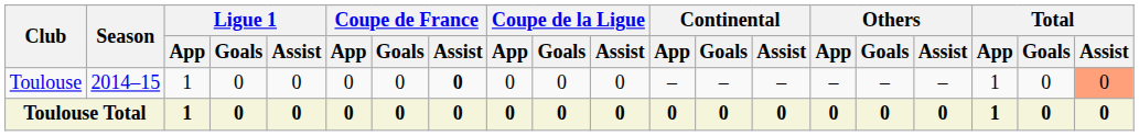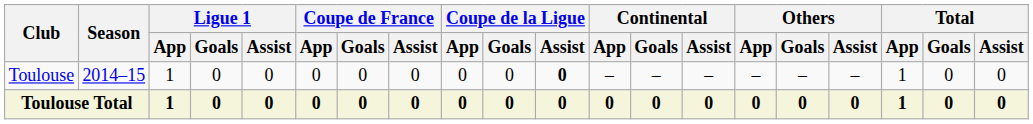 <table class="wikitable" style="text-align: center;">
 <tr>
 <th rowspan="2">Club</th>
 <th rowspan="2">Season</th>
 <th colspan="3"><a href='#'>Ligue 1</a></th>
 <th colspan="3"><a href='#'>Coupe de France</a></th>
 <th colspan="3"><a href='#'>Coupe de la Ligue</a></th>
 <th colspan="3">Continental</th>
 <th colspan="3">Others</th>
 <th colspan="3">Total</th>
 </tr>
 <tr>
 <th>App</th>
 <th>Goals</th>
 <th>Assist</th>
 <th>App</th>
 <th>Goals</th>
 <th>Assist</th>
 <th>App</th>
 <th>Goals</th>
 <th>Assist</th>
 <th>App</th>
 <th>Goals</th>
 <th>Assist</th>
 <th>App</th>
 <th>Goals</th>
 <th>Assist</th>
 <th>App</th>
 <th>Goals</th>
 <th>Assist</th>
 </tr>
 <tr>
 <td><a href='#'>Toulouse</a></td>
 <td><a href='#'>2014–15</a></td>
 <td>1</td>
 <td>0</td>
 <td>0</td>
 <td>0</td>
 <td>0</td>
-<td><strong>0</strong></td>
 <td>0</td>
 <td>0</td>
 <td>0</td>
+<td><strong>0</strong></td>
 <td>–</td>
 <td>–</td>
 <td>–</td>
 <td>–</td>
 <td>–</td>
 <td>–</td>
 <td>1</td>
 <td>0</td>
-<td style="background: lightsalmon;">0</td>
+<td>0</td>
 </tr>
 <tr>
 <th colspan=2 !  style="text-align:center; background:beige;">Toulouse Total</th>
 <th style="text-align:center; background:beige;">1</th>
 <th style="text-align:center; background:beige;">0</th>
 <th style="text-align:center; background:beige;">0</th>
 <th style="text-align:center; background:beige;">0</th>
 <th style="text-align:center; background:beige;">0</th>
 <th style="text-align:center; background:beige;">0</th>
 <th style="text-align:center; background:beige;">0</th>
 <th style="text-align:center; background:beige;">0</th>
 <th style="text-align:center; background:beige;">0</th>
 <th style="text-align:center; background:beige;">0</th>
 <th style="text-align:center; background:beige;">0</th>
 <th style="text-align:center; background:beige;">0</th>
 <th style="text-align:center; background:beige;">0</th>
 <th style="text-align:center; background:beige;">0</th>
 <th style="text-align:center; background:beige;">0</th>
 <th style="text-align:center; background:beige;">1</th>
 <th style="text-align:center; background:beige;">0</th>
 <th style="text-align:center; background:beige;">0</th>
 </tr>
 </table>
